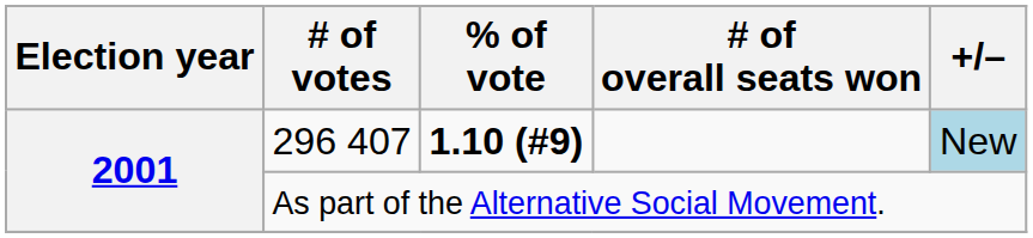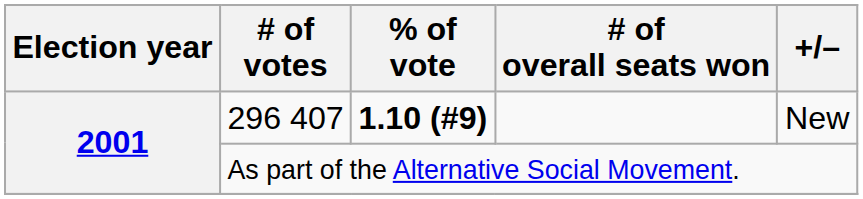 <table class=wikitable>
 <tr>
 <th>Election year</th>
 <th># of<br>votes</th>
 <th>% of<br>vote</th>
 <th># of<br>overall seats won</th>
 <th>+/–</th>
 </tr>
 <tr>
 <th rowspan="2"><a href='#'>2001</a></th>
 <td>296 407</td>
 <td><strong>1.10 (#9)</strong></td>
 <td></td>
-<td style="background: lightblue;">New</td>
+<td>New</td>
 </tr>
 <tr>
 <td colspan=7><small>As part of the <a href='#'>Alternative Social Movement</a>.</small></td>
 </tr>
 <tr>
 </tr>
 </table>
